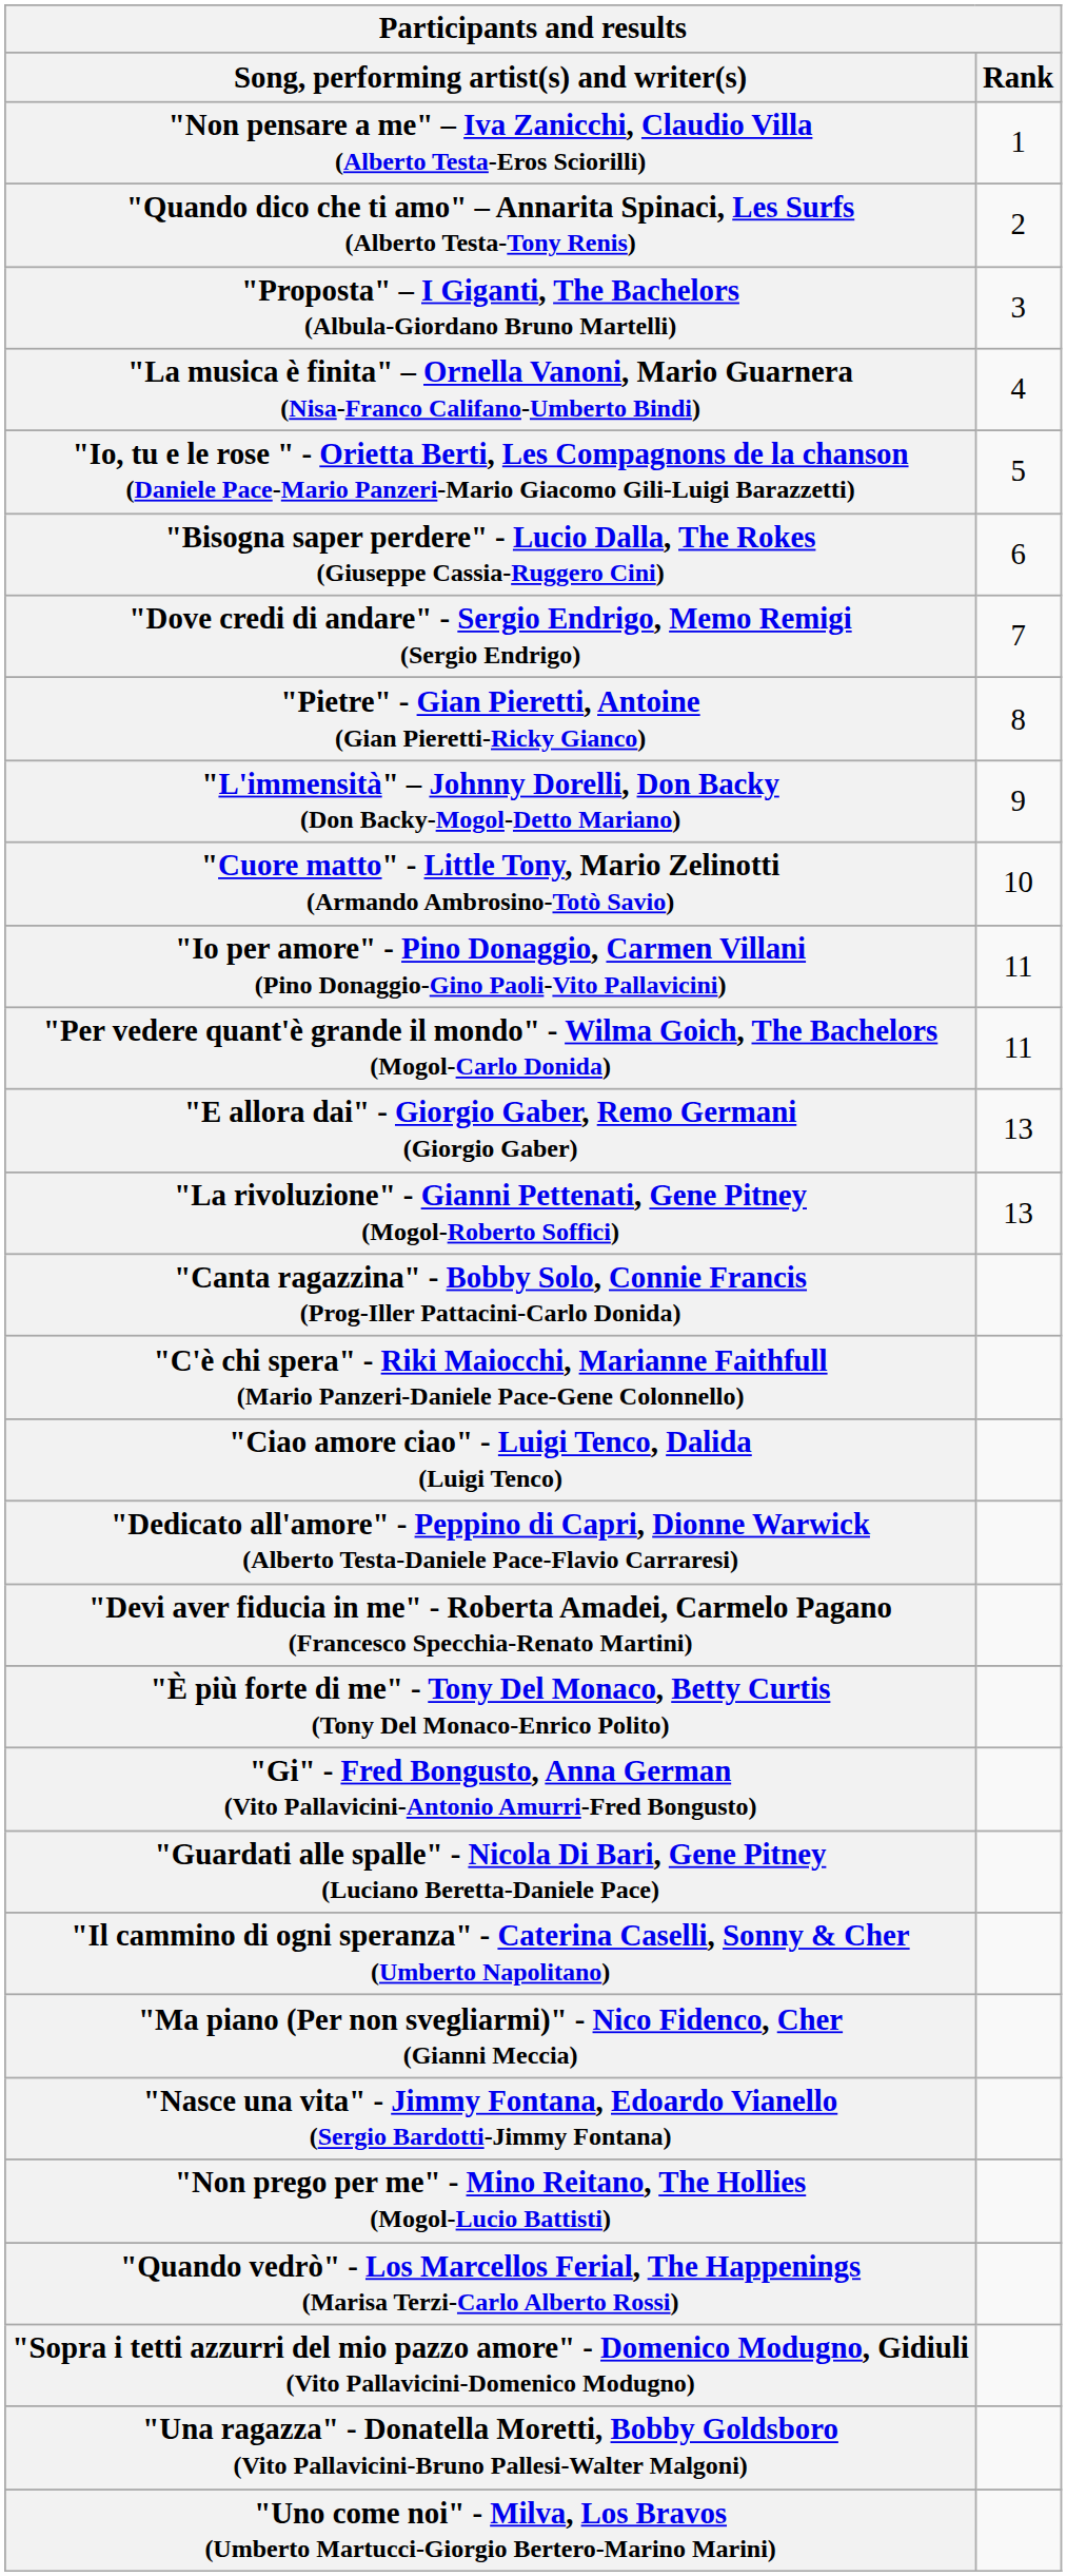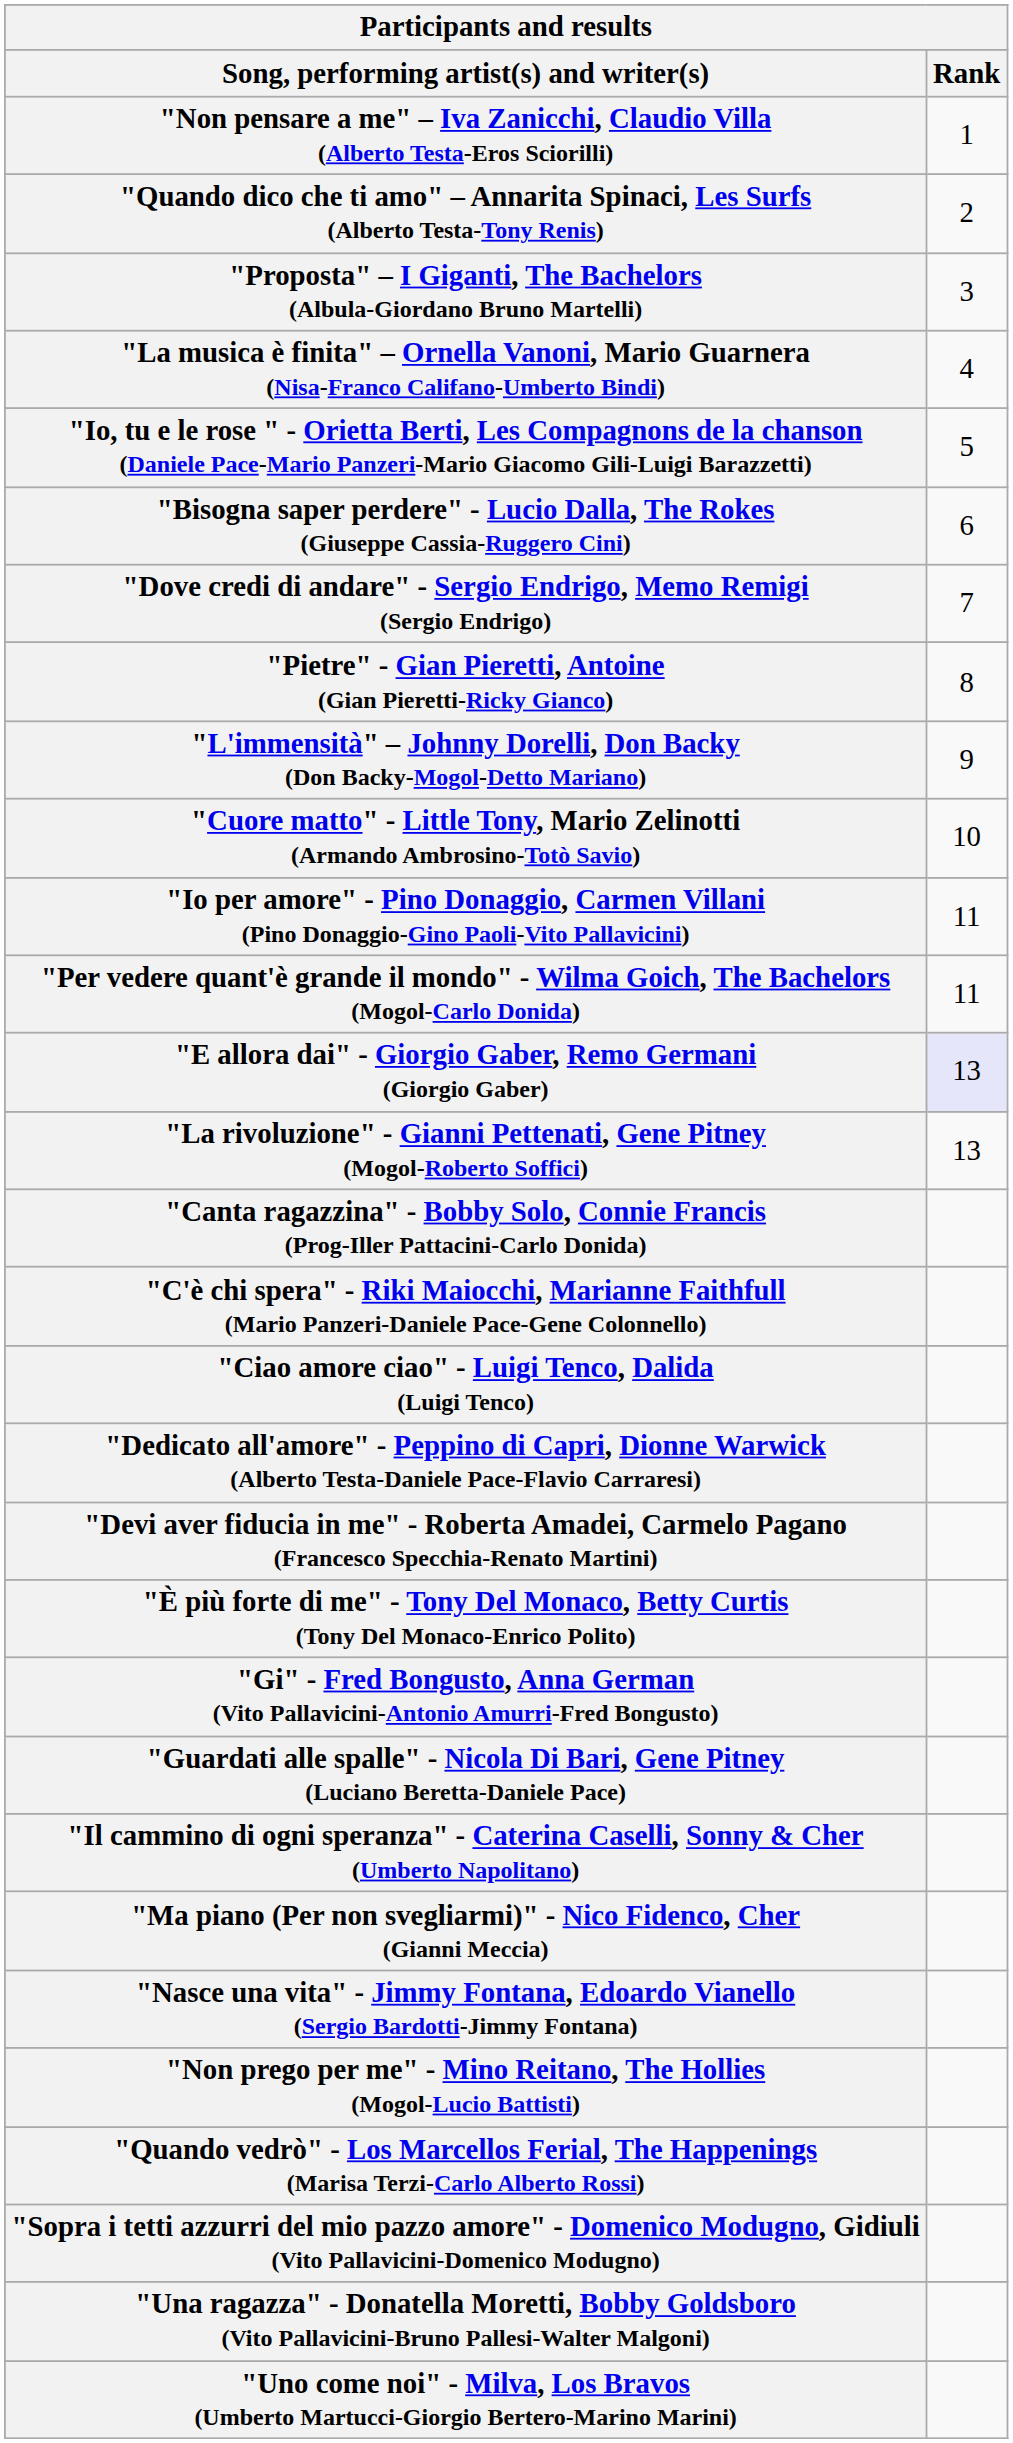 <table class="plainrowheaders wikitable">
 <tr>
 <th colspan="3">Participants and results</th>
 </tr>
 <tr>
 <th>Song, performing artist(s) and writer(s)</th>
 <th>Rank</th>
 </tr>
 <tr>
 <th scope="row">"Non pensare a me" – <a href='#'>Iva Zanicchi</a>, <a href='#'>Claudio Villa</a> <br><small> 	(<a href='#'>Alberto Testa</a>-Eros Sciorilli)</small></th>
 <td style="text-align:center;">1</td>
 </tr>
 <tr>
 <th scope="row">"Quando dico che ti amo" –  Annarita Spinaci, <a href='#'>Les Surfs</a>  <br><small>(Alberto Testa-<a href='#'>Tony Renis</a>) </small></th>
 <td style="text-align:center;">2</td>
 </tr>
 <tr>
 <th scope="row">"Proposta" – <a href='#'>I Giganti</a>, <a href='#'>The Bachelors</a>  <br><small> 	(Albula-Giordano Bruno Martelli) </small></th>
 <td style="text-align:center;">3</td>
 </tr>
 <tr>
 <th scope="row">"La musica è finita"  –  	<a href='#'>Ornella Vanoni</a>, Mario Guarnera  <br><small>(<a href='#'>Nisa</a>-<a href='#'>Franco Califano</a>-<a href='#'>Umberto Bindi</a>)</small></th>
 <td style="text-align:center;">4</td>
 </tr>
 <tr>
 <th scope="row">"Io, tu e le rose " - <a href='#'>Orietta Berti</a>, <a href='#'>Les Compagnons de la chanson</a> <br><small> (<a href='#'>Daniele Pace</a>-<a href='#'>Mario Panzeri</a>-Mario Giacomo Gili-Luigi Barazzetti)  </small></th>
 <td style="text-align:center;">5</td>
 </tr>
 <tr>
 <th scope="row">"Bisogna saper perdere" -  	<a href='#'>Lucio Dalla</a>, <a href='#'>The Rokes</a> <br><small> (Giuseppe Cassia-<a href='#'>Ruggero Cini</a>) </small></th>
 <td style="text-align:center;">6</td>
 </tr>
 <tr>
 <th scope="row">"Dove credi di andare" -   <a href='#'>Sergio Endrigo</a>, <a href='#'>Memo Remigi</a>  <br><small>  (Sergio Endrigo)  </small></th>
 <td style="text-align:center;">7</td>
 </tr>
 <tr>
 <th scope="row">"Pietre" -   	 <a href='#'>Gian Pieretti</a>, <a href='#'>Antoine</a>  <br><small> 	(Gian Pieretti-<a href='#'>Ricky Gianco</a>)</small></th>
 <td style="text-align:center;">8</td>
 </tr>
 <tr>
 <th scope="row">"<a href='#'>L'immensità</a>" – 	 <a href='#'>Johnny Dorelli</a>, <a href='#'>Don Backy</a>  <br><small> 	(Don Backy-<a href='#'>Mogol</a>-<a href='#'>Detto Mariano</a>) </small></th>
 <td style="text-align:center;">9</td>
 </tr>
 <tr>
 <th scope="row">"<a href='#'>Cuore matto</a>" -  	<a href='#'>Little Tony</a>, Mario Zelinotti <br><small> 	 	 (Armando Ambrosino-<a href='#'>Totò Savio</a>)    </small></th>
 <td style="text-align:center;">10</td>
 </tr>
 <tr>
 <th scope="row">"Io per amore" -  	<a href='#'>Pino Donaggio</a>, <a href='#'>Carmen Villani</a> <br><small>  (Pino Donaggio-<a href='#'>Gino Paoli</a>-<a href='#'>Vito Pallavicini</a>)    </small></th>
 <td style="text-align:center;">11</td>
 </tr>
 <tr>
 <th scope="row">"Per vedere quant'è grande il mondo" -  	<a href='#'>Wilma Goich</a>, <a href='#'>The Bachelors</a><br><small> 	(Mogol-<a href='#'>Carlo Donida</a>) </small></th>
 <td style="text-align:center;">11</td>
 </tr>
 <tr>
 <th scope="row">"E allora dai" - <a href='#'>Giorgio Gaber</a>, <a href='#'>Remo Germani</a> <br><small> 	 (Giorgio Gaber)  </small></th>
-<td style="text-align:center;">13</td>
+<td style="background: lavender; text-align:center;">13</td>
 </tr>
 <tr>
 <th scope="row">"La rivoluzione" -   <a href='#'>Gianni Pettenati</a>, <a href='#'>Gene Pitney</a> <br><small> 	(Mogol-<a href='#'>Roberto Soffici</a>) </small></th>
 <td style="text-align:center;">13</td>
 </tr>
 <tr>
 <th scope="row">"Canta ragazzina" - <a href='#'>Bobby Solo</a>, <a href='#'>Connie Francis</a> <br><small> 	 (Prog-Iller Pattacini-Carlo Donida)</small></th>
 <td></td>
 </tr>
 <tr>
 <th scope="row">"C'è chi spera" -  <a href='#'>Riki Maiocchi</a>, <a href='#'>Marianne Faithfull</a> <br><small> 	(Mario Panzeri-Daniele Pace-Gene Colonnello) </small></th>
 <td></td>
 </tr>
 <tr>
 <th scope="row">"Ciao amore ciao" -   <a href='#'>Luigi Tenco</a>, <a href='#'>Dalida</a> <br><small> (Luigi Tenco) </small></th>
 <td></td>
 </tr>
 <tr>
 <th scope="row">"Dedicato all'amore" - <a href='#'>Peppino di Capri</a>, <a href='#'>Dionne Warwick</a> <br><small> (Alberto Testa-Daniele Pace-Flavio Carraresi)  </small></th>
 <td></td>
 </tr>
 <tr>
 <th scope="row">"Devi aver fiducia in me" -    Roberta Amadei, Carmelo Pagano <br><small> 	(Francesco Specchia-Renato Martini) </small></th>
 <td></td>
 </tr>
 <tr>
 <th scope="row">"È più forte di me" -   <a href='#'>Tony Del Monaco</a>, <a href='#'>Betty Curtis</a> <br><small> (Tony Del Monaco-Enrico Polito) </small></th>
 <td></td>
 </tr>
 <tr>
 <th scope="row">"Gi" - <a href='#'>Fred Bongusto</a>, <a href='#'>Anna German</a> <br><small> 	(Vito Pallavicini-<a href='#'>Antonio Amurri</a>-Fred Bongusto) </small></th>
 <td></td>
 </tr>
 <tr>
 <th scope="row">"Guardati alle spalle" - <a href='#'>Nicola Di Bari</a>, <a href='#'>Gene Pitney</a>   <br><small> (Luciano Beretta-Daniele Pace) </small></th>
 <td></td>
 </tr>
 <tr>
 <th scope="row">"Il cammino di ogni speranza" -  <a href='#'>Caterina Caselli</a>, <a href='#'>Sonny & Cher</a>   <br><small> 	(<a href='#'>Umberto Napolitano</a>)</small></th>
 <td></td>
 </tr>
 <tr>
 <th scope="row">"Ma piano (Per non svegliarmi)" - <a href='#'>Nico Fidenco</a>, <a href='#'>Cher</a>   <br><small> 	 (Gianni Meccia)  </small></th>
 <td></td>
 </tr>
 <tr>
 <th scope="row">"Nasce una vita" - <a href='#'>Jimmy Fontana</a>, <a href='#'>Edoardo Vianello</a>   <br><small> 	(<a href='#'>Sergio Bardotti</a>-Jimmy Fontana)   </small></th>
 <td></td>
 </tr>
 <tr>
 <th scope="row">"Non prego per me" - <a href='#'>Mino Reitano</a>, <a href='#'>The Hollies</a>   <br><small> 	(Mogol-<a href='#'>Lucio Battisti</a>)   </small></th>
 <td></td>
 </tr>
 <tr>
 <th scope="row">"Quando vedrò" - <a href='#'>Los Marcellos Ferial</a>, <a href='#'>The Happenings</a>   <br><small> 	 (Marisa Terzi-<a href='#'>Carlo Alberto Rossi</a>)   </small></th>
 <td></td>
 </tr>
 <tr>
 <th scope="row">"Sopra i tetti azzurri del mio pazzo amore" - <a href='#'>Domenico Modugno</a>, Gidiuli   <br><small> 	 (Vito Pallavicini-Domenico Modugno)   </small></th>
 <td></td>
 </tr>
 <tr>
 <th scope="row">"Una ragazza" - Donatella Moretti, <a href='#'>Bobby Goldsboro</a>   <br><small> 	 (Vito Pallavicini-Bruno Pallesi-Walter Malgoni)   </small></th>
 <td></td>
 </tr>
 <tr>
 <th scope="row">"Uno come noi" - <a href='#'>Milva</a>, <a href='#'>Los Bravos</a>   <br><small> 	 (Umberto Martucci-Giorgio Bertero-Marino Marini)   </small></th>
 <td></td>
 </tr>
 <tr>
 </tr>
 </table>
